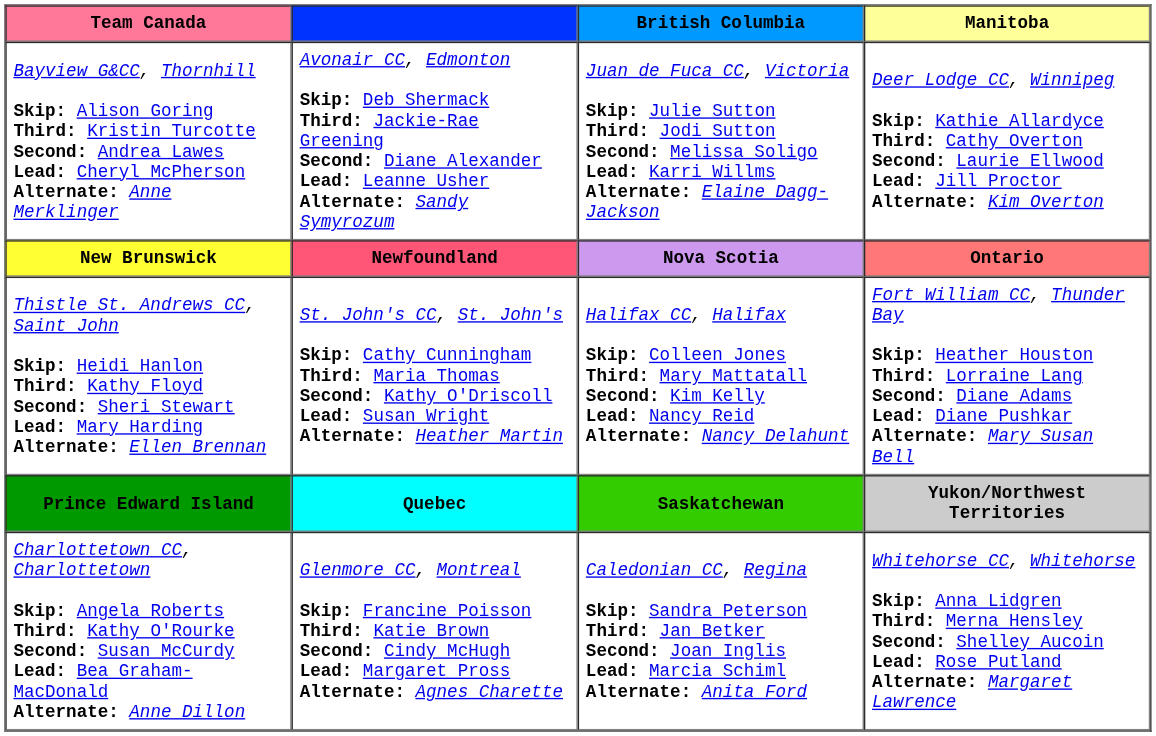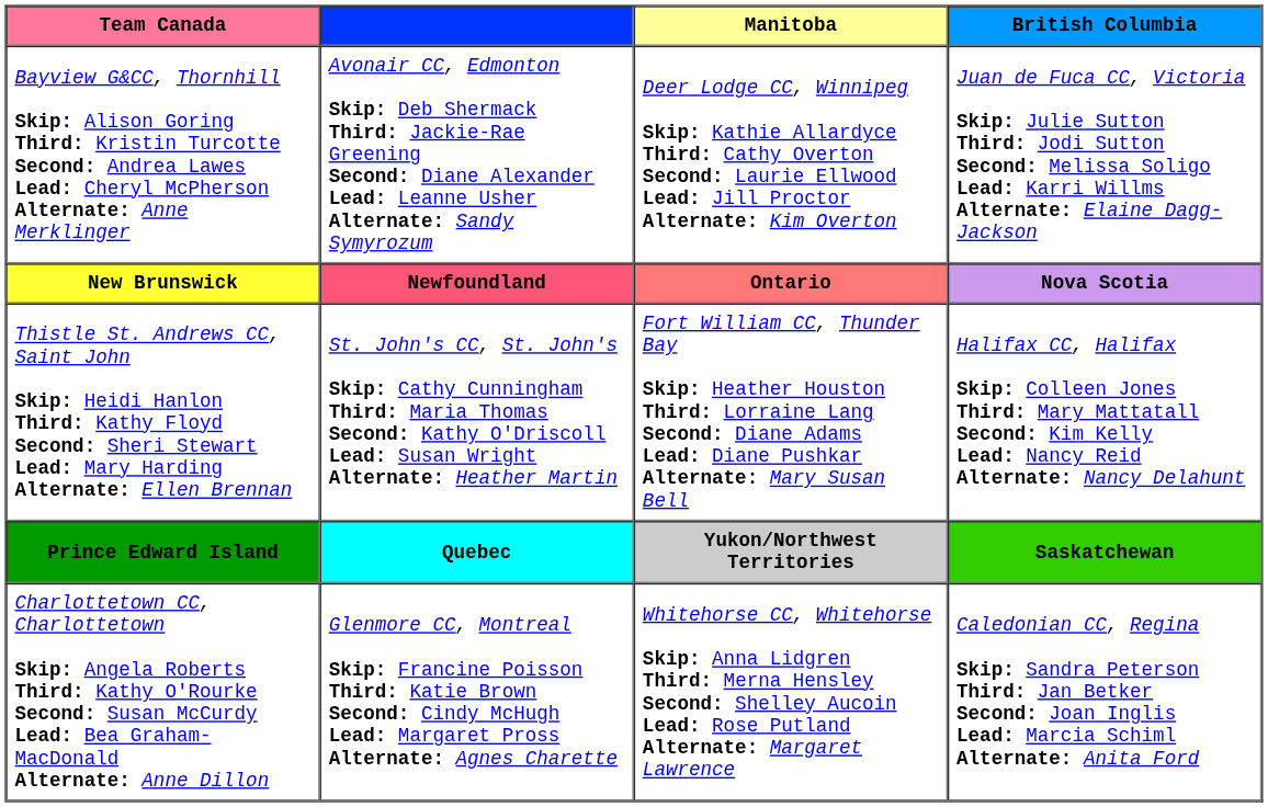 <table border=1 cellpadding=5 cellspacing=0>
 <tr>
 <th bgcolor="#ff7799" width="200">Team Canada</th>
 <th bgcolor="#0033ff" width="200"></th>
+<th bgcolor="#ffff99" width="200">Manitoba</th>
 <th bgcolor="#0099ff" width="200">British Columbia</th>
-<th bgcolor="#ffff99" width="200">Manitoba</th>
 </tr>
 <tr align=center>
 <td align=left><em><a href='#'>Bayview G&CC</a>, <a href='#'>Thornhill</a></em> <br><br><strong>Skip:</strong>  <a href='#'>Alison Goring</a><br> <strong>Third:</strong> <a href='#'>Kristin Turcotte</a><br> <strong>Second:</strong> <a href='#'>Andrea Lawes</a><br> <strong>Lead:</strong> <a href='#'>Cheryl McPherson</a><br> <strong>Alternate:</strong> <em><a href='#'>Anne Merklinger</a></em></td>
 <td align=left><em><a href='#'>Avonair CC</a>, <a href='#'>Edmonton</a></em> <br><br><strong>Skip:</strong>  <a href='#'>Deb Shermack</a><br> <strong>Third:</strong> <a href='#'>Jackie-Rae Greening</a><br> <strong>Second:</strong> <a href='#'>Diane Alexander</a><br> <strong>Lead:</strong> <a href='#'>Leanne Usher</a><br> <strong>Alternate:</strong> <em><a href='#'>Sandy Symyrozum</a></em></td>
+<td align=left><em><a href='#'>Deer Lodge CC</a>, <a href='#'>Winnipeg</a></em> <br><br><strong>Skip:</strong>  <a href='#'>Kathie Allardyce</a><br> <strong>Third:</strong> <a href='#'>Cathy Overton</a><br> <strong>Second:</strong> <a href='#'>Laurie Ellwood</a><br> <strong>Lead:</strong> <a href='#'>Jill Proctor</a><br> <strong>Alternate:</strong> <em><a href='#'>Kim Overton</a></em></td>
 <td align=left><em><a href='#'>Juan de Fuca CC</a>, <a href='#'>Victoria</a></em> <br><br><strong>Skip:</strong>  <a href='#'>Julie Sutton</a><br> <strong>Third:</strong> <a href='#'>Jodi Sutton</a><br> <strong>Second:</strong> <a href='#'>Melissa Soligo</a><br> <strong>Lead:</strong> <a href='#'>Karri Willms</a><br> <strong>Alternate:</strong> <em><a href='#'>Elaine Dagg-Jackson</a></em></td>
-<td align=left><em><a href='#'>Deer Lodge CC</a>, <a href='#'>Winnipeg</a></em> <br><br><strong>Skip:</strong>  <a href='#'>Kathie Allardyce</a><br> <strong>Third:</strong> <a href='#'>Cathy Overton</a><br> <strong>Second:</strong> <a href='#'>Laurie Ellwood</a><br> <strong>Lead:</strong> <a href='#'>Jill Proctor</a><br> <strong>Alternate:</strong> <em><a href='#'>Kim Overton</a></em></td>
 </tr>
 <tr border=1 cellpadding=5 cellspacing=0>
 <th bgcolor="#ffff33" width="200">New Brunswick</th>
 <th bgcolor="#ff5577" width="200">Newfoundland</th>
+<th bgcolor="#ff7777" width="200">Ontario</th>
 <th bgcolor="#cc99ee" width="200">Nova Scotia</th>
-<th bgcolor="#ff7777" width="200">Ontario</th>
 </tr>
 <tr align=center>
 <td align=left><em><a href='#'>Thistle St. Andrews CC</a>, <a href='#'>Saint John</a></em> <br><br><strong>Skip:</strong>  <a href='#'>Heidi Hanlon</a><br> <strong>Third:</strong> <a href='#'>Kathy Floyd</a><br> <strong>Second:</strong> <a href='#'>Sheri Stewart</a><br> <strong>Lead:</strong> <a href='#'>Mary Harding</a><br> <strong>Alternate:</strong> <em><a href='#'>Ellen Brennan</a></em></td>
 <td align=left><em><a href='#'>St. John's CC</a>, <a href='#'>St. John's</a></em> <br><br><strong>Skip:</strong>  <a href='#'>Cathy Cunningham</a> <br> <strong>Third:</strong> <a href='#'>Maria Thomas</a><br> <strong>Second:</strong> <a href='#'>Kathy O'Driscoll</a><br> <strong>Lead:</strong> <a href='#'>Susan Wright</a><br> <strong>Alternate:</strong> <em><a href='#'>Heather Martin</a></em></td>
+<td align=left><em><a href='#'>Fort William CC</a>, <a href='#'>Thunder Bay</a></em> <br><br><strong>Skip:</strong>  <a href='#'>Heather Houston</a><br> <strong>Third:</strong> <a href='#'>Lorraine Lang</a><br> <strong>Second:</strong> <a href='#'>Diane Adams</a><br> <strong>Lead:</strong> <a href='#'>Diane Pushkar</a><br> <strong>Alternate:</strong> <em><a href='#'>Mary Susan Bell</a></em></td>
 <td align=left><em><a href='#'>Halifax CC</a>, <a href='#'>Halifax</a></em> <br><br><strong>Skip:</strong>  <a href='#'>Colleen Jones</a><br> <strong>Third:</strong> <a href='#'>Mary Mattatall</a><br> <strong>Second:</strong> <a href='#'>Kim Kelly</a><br> <strong>Lead:</strong> <a href='#'>Nancy Reid</a><br> <strong>Alternate:</strong> <em><a href='#'>Nancy Delahunt</a></em></td>
-<td align=left><em><a href='#'>Fort William CC</a>, <a href='#'>Thunder Bay</a></em> <br><br><strong>Skip:</strong>  <a href='#'>Heather Houston</a><br> <strong>Third:</strong> <a href='#'>Lorraine Lang</a><br> <strong>Second:</strong> <a href='#'>Diane Adams</a><br> <strong>Lead:</strong> <a href='#'>Diane Pushkar</a><br> <strong>Alternate:</strong> <em><a href='#'>Mary Susan Bell</a></em></td>
 </tr>
 <tr border=1 cellpadding=5 cellspacing=0>
 <th bgcolor="#009900" width="200">Prince Edward Island</th>
 <th bgcolor="#00ffff" width="200">Quebec</th>
+<th bgcolor="#cccccc" width="200">Yukon/Northwest Territories</th>
 <th bgcolor="#33cc00" width="200">Saskatchewan</th>
-<th bgcolor="#cccccc" width="200">Yukon/Northwest Territories</th>
 </tr>
 <tr align=center>
 <td align=left><em><a href='#'>Charlottetown CC</a>, <a href='#'>Charlottetown</a></em> <br><br><strong>Skip:</strong>  <a href='#'>Angela Roberts</a><br> <strong>Third:</strong> <a href='#'>Kathy O'Rourke</a><br> <strong>Second:</strong> <a href='#'>Susan McCurdy</a><br> <strong>Lead:</strong> <a href='#'>Bea Graham-MacDonald</a><br> <strong>Alternate:</strong> <em><a href='#'>Anne Dillon</a></em></td>
 <td align=left><em><a href='#'>Glenmore CC</a>, <a href='#'>Montreal</a></em> <br><br><strong>Skip:</strong>  <a href='#'>Francine Poisson</a><br> <strong>Third:</strong> <a href='#'>Katie Brown</a><br> <strong>Second:</strong> <a href='#'>Cindy McHugh</a><br> <strong>Lead:</strong> <a href='#'>Margaret Pross</a><br> <strong>Alternate:</strong> <em><a href='#'>Agnes Charette</a></em></td>
+<td align=left><em><a href='#'>Whitehorse CC</a>, <a href='#'>Whitehorse</a></em> <br><br><strong>Skip:</strong>  <a href='#'>Anna Lidgren</a><br> <strong>Third:</strong> <a href='#'>Merna Hensley</a><br> <strong>Second:</strong> <a href='#'>Shelley Aucoin</a><br> <strong>Lead:</strong> <a href='#'>Rose Putland</a><br> <strong>Alternate:</strong> <em><a href='#'>Margaret Lawrence</a></em></td>
 <td align=left><em><a href='#'>Caledonian CC</a>, <a href='#'>Regina</a></em> <br><br><strong>Skip:</strong>  <a href='#'>Sandra Peterson</a><br> <strong>Third:</strong> <a href='#'>Jan Betker</a><br> <strong>Second:</strong> <a href='#'>Joan Inglis</a><br> <strong>Lead:</strong> <a href='#'>Marcia Schiml</a><br> <strong>Alternate:</strong> <em><a href='#'>Anita Ford</a></em></td>
-<td align=left><em><a href='#'>Whitehorse CC</a>, <a href='#'>Whitehorse</a></em> <br><br><strong>Skip:</strong>  <a href='#'>Anna Lidgren</a><br> <strong>Third:</strong> <a href='#'>Merna Hensley</a><br> <strong>Second:</strong> <a href='#'>Shelley Aucoin</a><br> <strong>Lead:</strong> <a href='#'>Rose Putland</a><br> <strong>Alternate:</strong> <em><a href='#'>Margaret Lawrence</a></em></td>
 </tr>
 </table>
